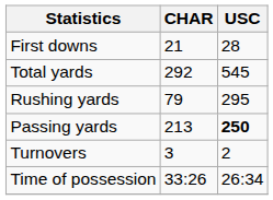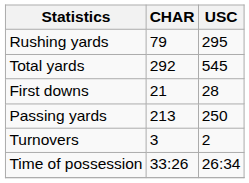 <table class="wikitable" style="float: right;">
 <tr>
 <th>Statistics</th>
 <th>CHAR</th>
 <th>USC</th>
 </tr>
 <tr>
-<td>First downs</td>
-<td>21</td>
-<td>28</td>
+<td>Rushing yards</td>
+<td>79</td>
+<td>295</td>
 </tr>
 <tr>
 <td>Total yards</td>
 <td>292</td>
 <td>545</td>
 </tr>
 <tr>
-<td>Rushing yards</td>
-<td>79</td>
-<td>295</td>
+<td>First downs</td>
+<td>21</td>
+<td>28</td>
 </tr>
 <tr>
 <td>Passing yards</td>
 <td>213</td>
-<td><strong>250</strong></td>
+<td>250</td>
 </tr>
 <tr>
 <td>Turnovers</td>
 <td>3</td>
 <td>2</td>
 </tr>
 <tr>
 <td>Time of possession</td>
 <td>33:26</td>
 <td>26:34</td>
 </tr>
 <tr>
 </tr>
 </table>
